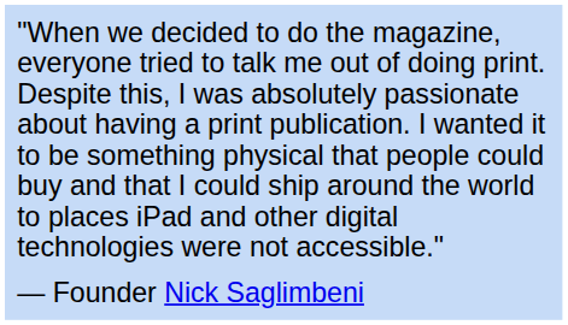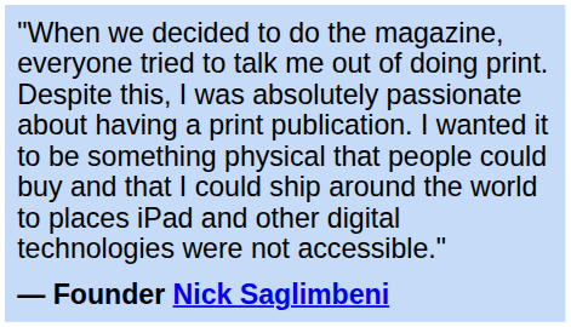 <table class="toccolours" style="float:left; margin-left:0; margin-right:2em; font-size:85%; background:#c6dbf7; color:black; width:20em; max-width:40%;" cellspacing="5">
 <tr>
 <td style="text-align: left;">"When we decided to do the magazine, everyone tried to talk me out of doing print. Despite this, I was absolutely passionate about having a print publication. I wanted it to be something physical that people could buy and that I could ship around the world to places iPad and other digital technologies were not accessible."</td>
 </tr>
 <tr>
-<td style="text-align: left;">— Founder <a href='#'>Nick Saglimbeni</a></td>
+<td style="text-align: left;"><strong>— Founder <a href='#'>Nick Saglimbeni</a></strong></td>
 </tr>
 </table>
